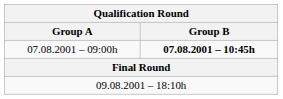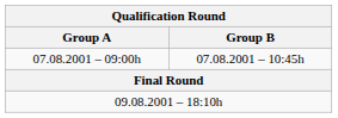 <table class="wikitable" style=" text-align:center; font-size:110%;" width="35%">
 <tr>
 <th colspan="2">Qualification Round</th>
 </tr>
 <tr>
 <th>Group A</th>
 <th>Group B</th>
 </tr>
 <tr>
 <td>07.08.2001 – 09:00h</td>
-<td><strong>07.08.2001 – 10:45h</strong></td>
+<td>07.08.2001 – 10:45h</td>
 </tr>
 <tr>
 <th colspan="2">Final Round</th>
 </tr>
 <tr>
 <td colspan="2">09.08.2001 – 18:10h</td>
 </tr>
 </table>
